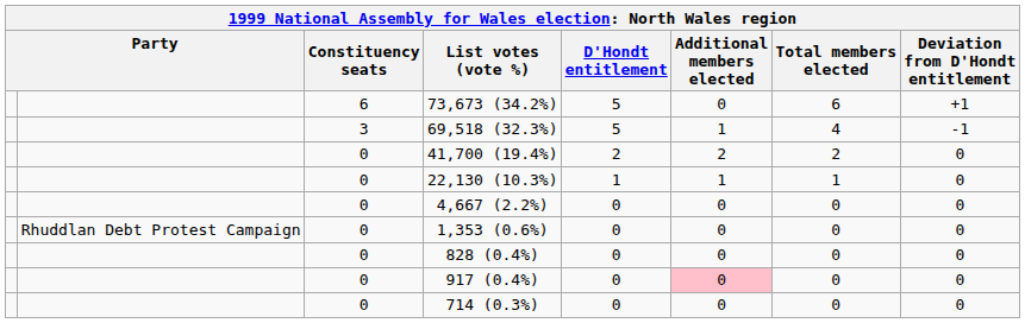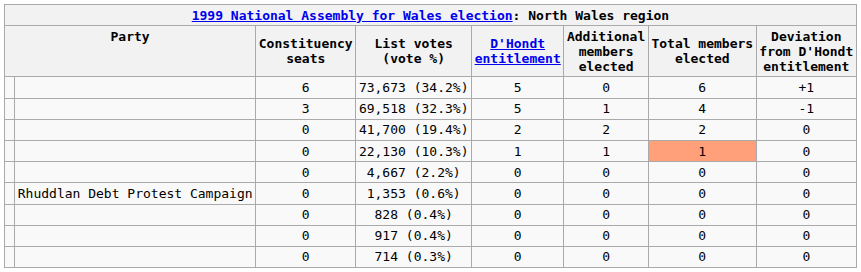 <table class="wikitable" style="text-align:center">
 <tr>
 <th colspan=9><a href='#'>1999 National Assembly for Wales election</a>: North Wales region</th>
 </tr>
 <tr>
 <th colspan="2" rowspan="1" align="center" valign="top">Party</th>
 <th>Constituency<br>seats</th>
 <th>List votes<br>(vote %)</th>
 <th><a href='#'>D'Hondt<br>entitlement</a></th>
 <th>Additional<br>members<br>elected</th>
 <th>Total members<br>elected</th>
 <th>Deviation<br>from D'Hondt<br>entitlement</th>
 </tr>
 <tr>
 <td style="width: 4px" bgcolor=></td>
 <td style="text-align: left;" scope="row"><strong><a href='#'></a></strong></td>
 <td>6</td>
 <td>73,673 (34.2%)</td>
 <td>5</td>
 <td>0</td>
 <td>6</td>
 <td>+1</td>
 </tr>
 <tr>
 <td style="width: 4px" bgcolor=></td>
 <td style="text-align: left;" scope="row"><strong><a href='#'></a></strong></td>
 <td>3</td>
 <td>69,518 (32.3%)</td>
 <td>5</td>
 <td>1</td>
 <td>4</td>
 <td>-1</td>
 </tr>
 <tr>
 <td style="width: 4px" bgcolor=></td>
 <td style="text-align: left;" scope="row"><strong><a href='#'></a></strong></td>
 <td>0</td>
 <td>41,700 (19.4%)</td>
 <td>2</td>
 <td>2</td>
 <td>2</td>
 <td>0</td>
 </tr>
 <tr>
 <td style="width: 4px" bgcolor=></td>
 <td style="text-align: left;" scope="row"><strong><a href='#'></a></strong></td>
 <td>0</td>
 <td>22,130 (10.3%)</td>
 <td>1</td>
 <td>1</td>
-<td>1</td>
+<td style="background: lightsalmon;">1</td>
 <td>0</td>
 </tr>
 <tr>
 <td style="width: 4px" bgcolor=></td>
 <td style="text-align: left;" scope="row"><a href='#'></a></td>
 <td>0</td>
 <td>4,667 (2.2%)</td>
 <td>0</td>
 <td>0</td>
 <td>0</td>
 <td>0</td>
 </tr>
 <tr>
 <td></td>
 <td style="text-align: left;" scope="row">Rhuddlan Debt Protest Campaign</td>
 <td>0</td>
 <td>1,353 (0.6%)</td>
 <td>0</td>
 <td>0</td>
 <td>0</td>
 <td>0</td>
 </tr>
 <tr>
 <td style="width: 4px" bgcolor=></td>
 <td style="text-align: left;" scope="row"><a href='#'></a></td>
 <td>0</td>
 <td>828 (0.4%)</td>
 <td>0</td>
 <td>0</td>
 <td>0</td>
 <td>0</td>
 </tr>
 <tr>
 <td style="width: 4px" bgcolor=></td>
 <td style="text-align: left;" scope="row"><a href='#'></a></td>
 <td>0</td>
 <td>917 (0.4%)</td>
 <td>0</td>
-<td style="background: pink;">0</td>
+<td>0</td>
 <td>0</td>
 <td>0</td>
 </tr>
 <tr>
 <td style="width: 4px" bgcolor=></td>
 <td style="text-align: left;" scope="row"><a href='#'></a></td>
 <td>0</td>
 <td>714 (0.3%)</td>
 <td>0</td>
 <td>0</td>
 <td>0</td>
 <td>0</td>
 </tr>
 <tr>
 </tr>
 </table>
